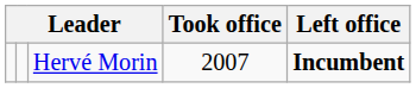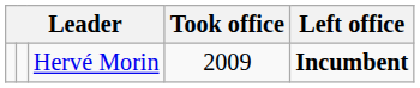 <table class="wikitable" style="text-align: center;">
 <tr>
 <th colspan="3">Leader</th>
 <th>Took office</th>
 <th>Left office</th>
 </tr>
 <tr>
 <td style="background: "></td>
 <td></td>
 <td><a href='#'>Hervé Morin</a></td>
-<td>2007</td>
+<td>2009</td>
 <td><strong>Incumbent</strong></td>
 </tr>
 </table>
